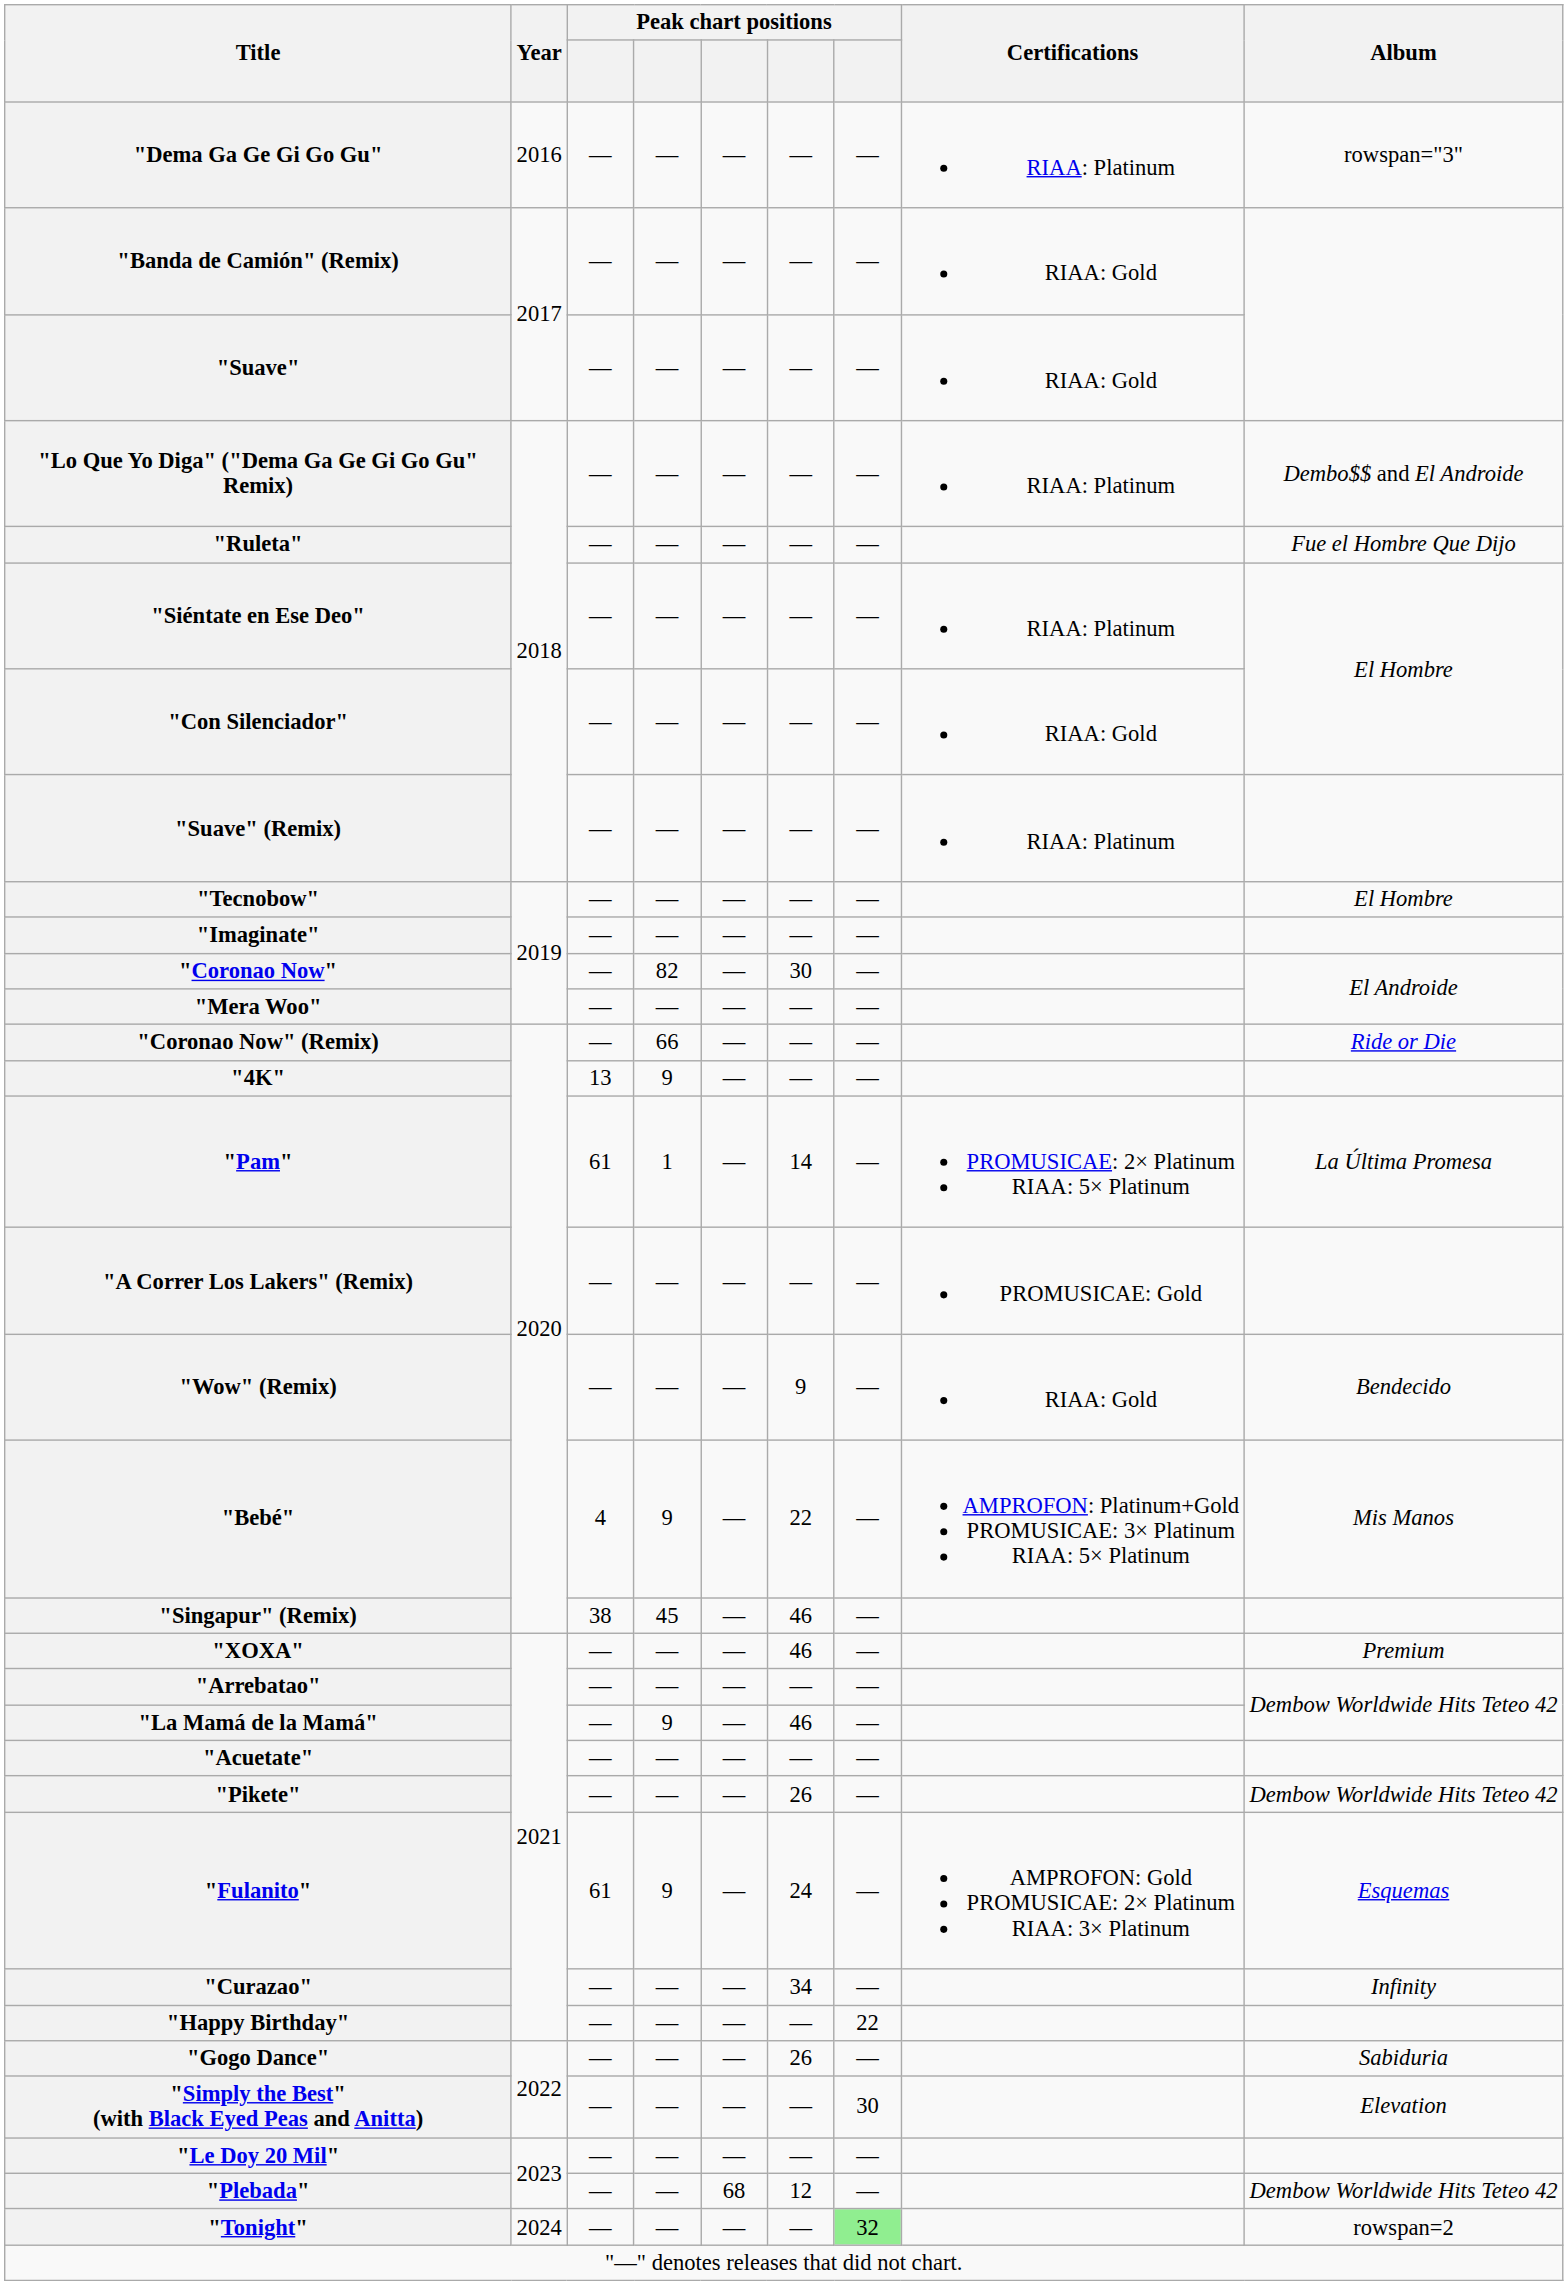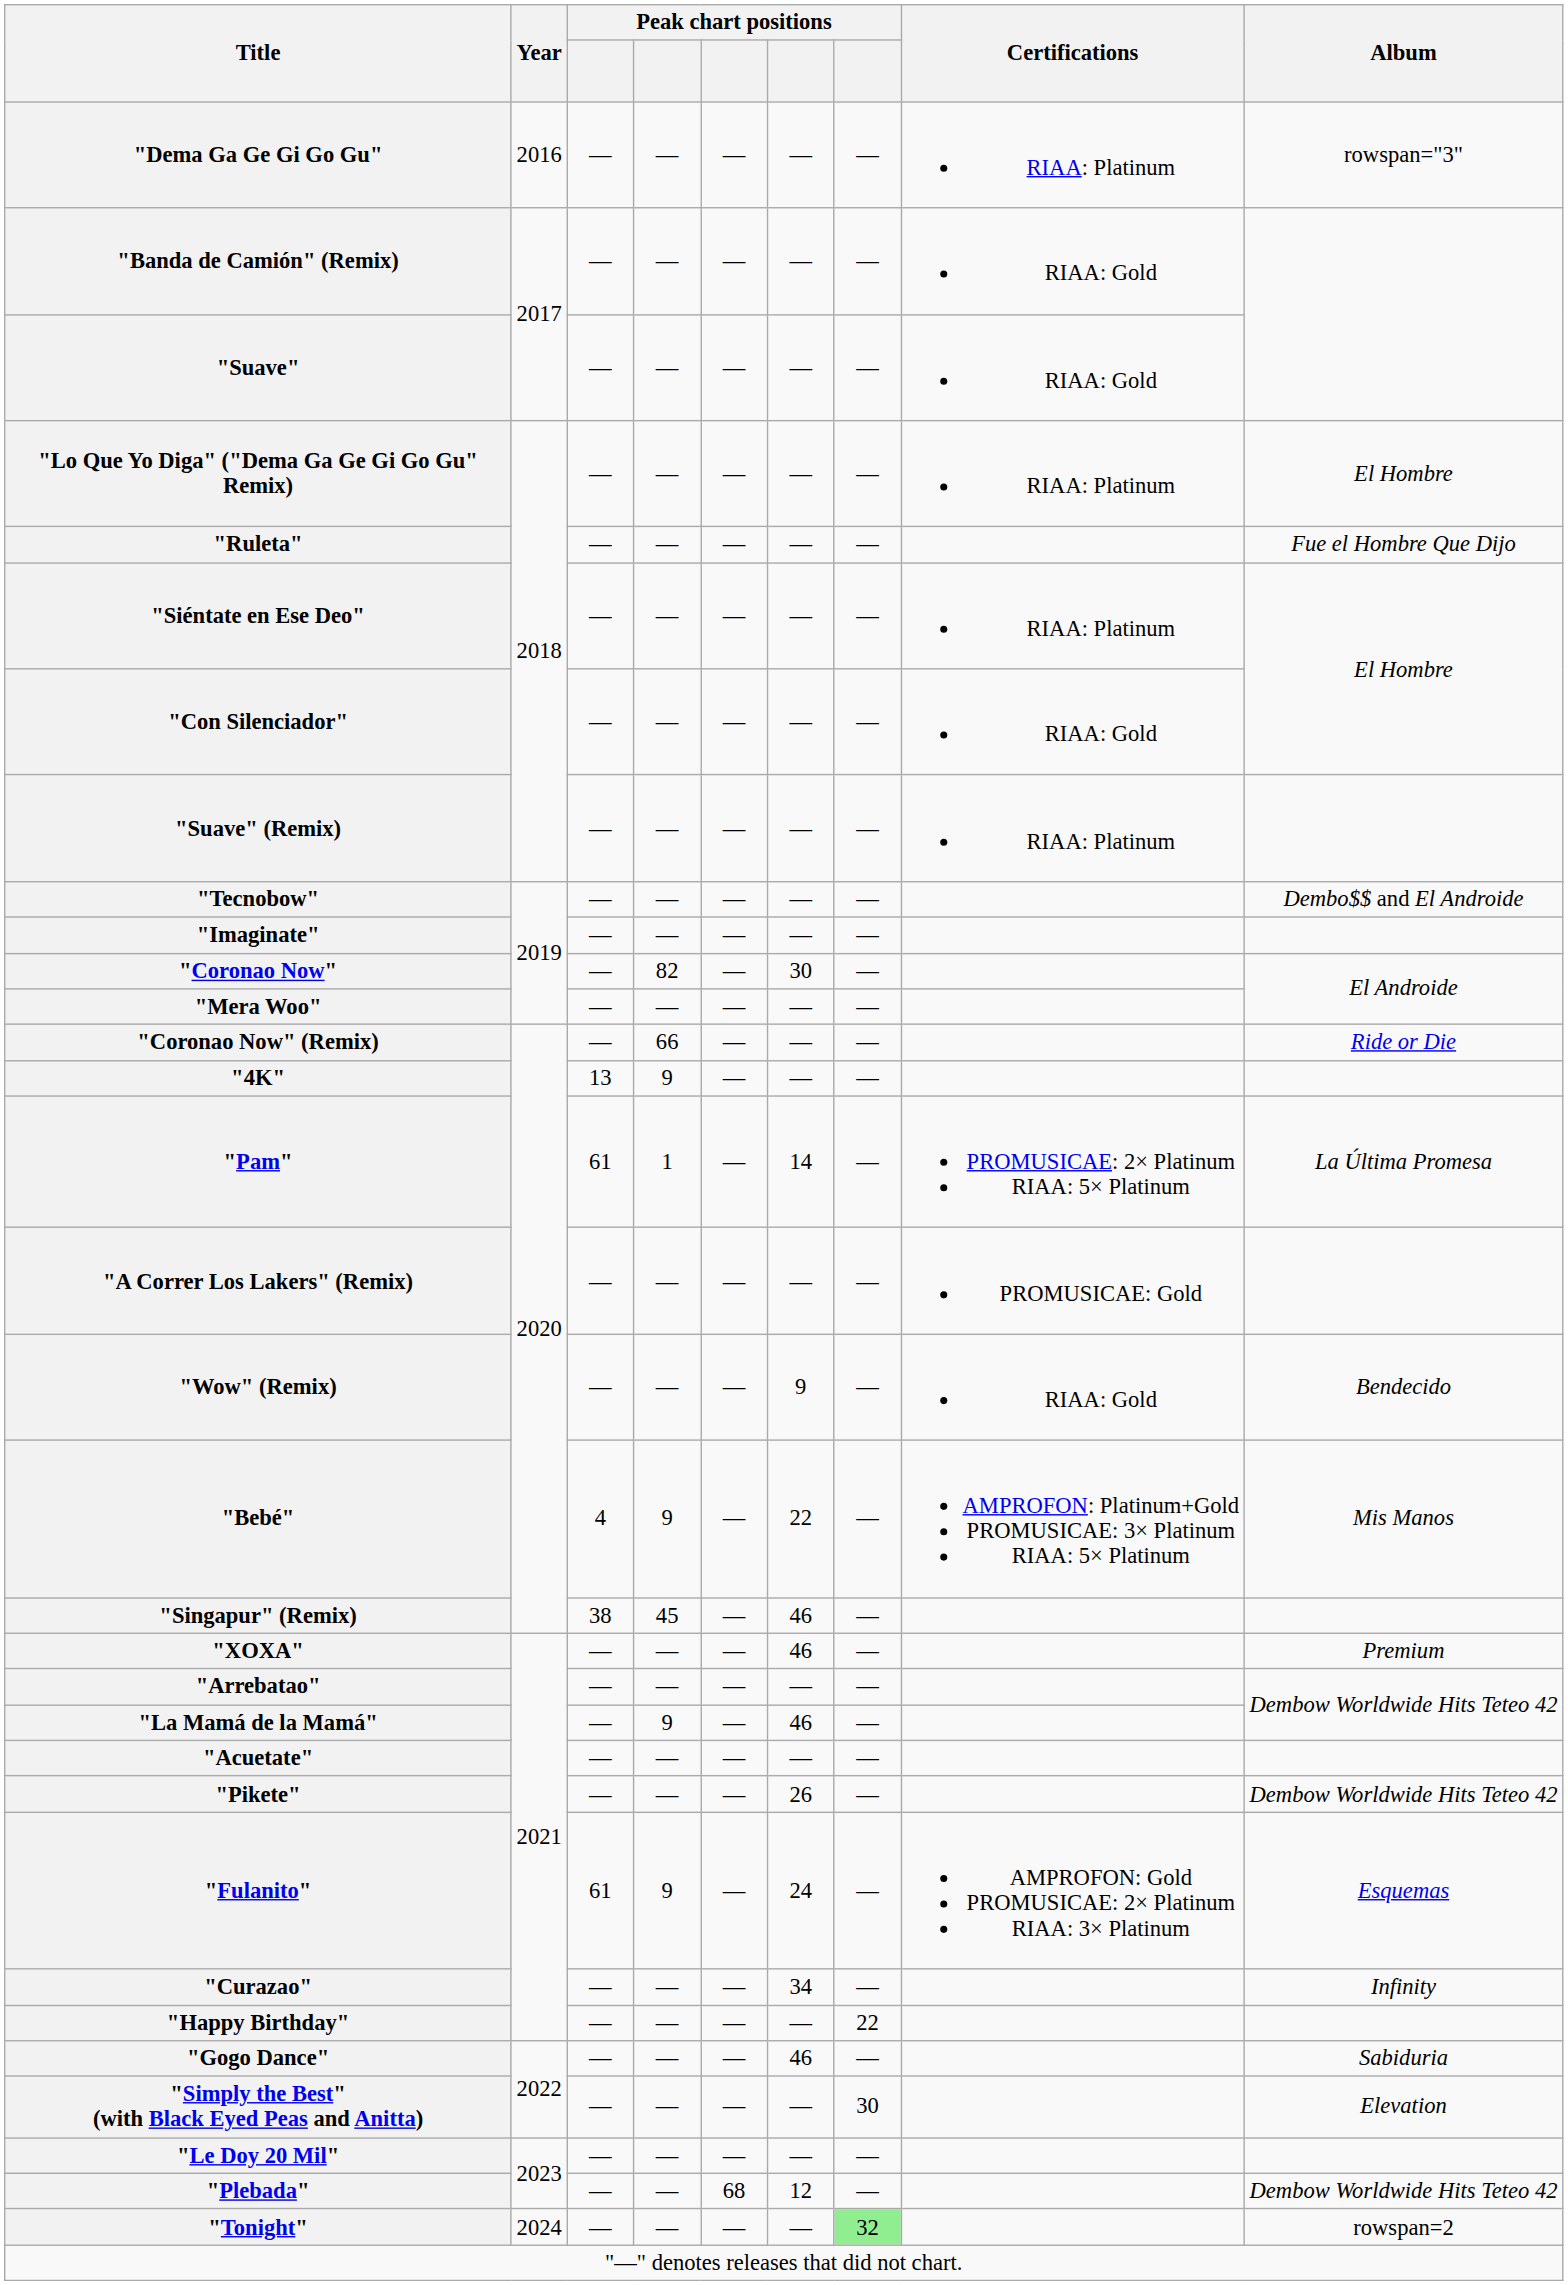 <table class="wikitable plainrowheaders" style="text-align:center;" border="1">
 <tr>
 <th rowspan="2" style="width:22em;">Title</th>
 <th rowspan="2">Year</th>
 <th colspan="5">Peak chart positions</th>
 <th rowspan="2">Certifications</th>
 <th rowspan="2">Album</th>
 </tr>
 <tr>
 <th width="40"><a href='#'></a><br></th>
 <th width="40"><a href='#'></a><br></th>
 <th width="40"><a href='#'></a><br></th>
 <th width="40"><a href='#'> <br> </a><br></th>
 <th width="40"><a href='#'></a><br></th>
 </tr>
 <tr>
 <th scope="row">"Dema Ga Ge Gi Go Gu"<br></th>
 <td>2016</td>
 <td>—</td>
 <td>—</td>
 <td>—</td>
 <td>—</td>
 <td>—</td>
 <td><br><ul><li><a href='#'>RIAA</a>: Platinum </li></ul></td>
 <td>rowspan="3" </td>
 </tr>
 <tr>
 <th scope="row">"Banda de Camión" (Remix)<br></th>
 <td rowspan="2">2017</td>
 <td>—</td>
 <td>—</td>
 <td>—</td>
 <td>—</td>
 <td>—</td>
 <td><br><ul><li>RIAA: Gold </li></ul></td>
 </tr>
 <tr>
 <th scope="row">"Suave"</th>
 <td>—</td>
 <td>—</td>
 <td>—</td>
 <td>—</td>
 <td>—</td>
 <td><br><ul><li>RIAA: Gold </li></ul></td>
 </tr>
 <tr>
 <th scope="row">"Lo Que Yo Diga" ("Dema Ga Ge Gi Go Gu" Remix)<br></th>
 <td rowspan="5">2018</td>
 <td>—</td>
 <td>—</td>
 <td>—</td>
 <td>—</td>
 <td>—</td>
 <td><br><ul><li>RIAA: Platinum </li></ul></td>
-<td><em>Dembo$$</em> and <em>El Androide</em></td>
+<td><em>El Hombre</em></td>
 </tr>
 <tr>
 <th scope="row">"Ruleta"<br></th>
 <td>—</td>
 <td>—</td>
 <td>—</td>
 <td>—</td>
 <td>—</td>
 <td></td>
 <td><em>Fue el Hombre Que Dijo</em></td>
 </tr>
 <tr>
 <th scope="row">"Siéntate en Ese Deo"</th>
 <td>—</td>
 <td>—</td>
 <td>—</td>
 <td>—</td>
 <td>—</td>
 <td><br><ul><li>RIAA: Platinum </li></ul></td>
 <td rowspan="2"><em>El Hombre</em></td>
 </tr>
 <tr>
 <th scope="row">"Con Silenciador"<br></th>
 <td>—</td>
 <td>—</td>
 <td>—</td>
 <td>—</td>
 <td>—</td>
 <td><br><ul><li>RIAA: Gold </li></ul></td>
 </tr>
 <tr>
 <th scope="row">"Suave" (Remix)<br></th>
 <td>—</td>
 <td>—</td>
 <td>—</td>
 <td>—</td>
 <td>—</td>
 <td><br><ul><li>RIAA: Platinum </li></ul></td>
 <td></td>
 </tr>
 <tr>
 <th scope="row">"Tecnobow"<br></th>
 <td rowspan="4">2019</td>
 <td>—</td>
 <td>—</td>
 <td>—</td>
 <td>—</td>
 <td>—</td>
 <td></td>
-<td><em>El Hombre</em></td>
+<td><em>Dembo$$</em> and <em>El Androide</em></td>
 </tr>
 <tr>
 <th scope="row">"Imaginate"<br></th>
 <td>—</td>
 <td>—</td>
 <td>—</td>
 <td>—</td>
 <td>—</td>
 <td></td>
 <td></td>
 </tr>
 <tr>
 <th scope="row">"<a href='#'>Coronao Now</a>"<br></th>
 <td>—</td>
 <td>82</td>
 <td>—</td>
 <td>30</td>
 <td>—</td>
 <td></td>
 <td rowspan="2"><em>El Androide</em></td>
 </tr>
 <tr>
 <th scope="row">"Mera Woo"<br></th>
 <td>—</td>
 <td>—</td>
 <td>—</td>
 <td>—</td>
 <td>—</td>
 <td></td>
 </tr>
 <tr>
 <th scope="row">"Coronao Now" (Remix)<br></th>
 <td rowspan="7">2020</td>
 <td>—</td>
 <td>66</td>
 <td>—</td>
 <td>—</td>
 <td>—</td>
 <td></td>
 <td><em><a href='#'> Ride or Die</a></em></td>
 </tr>
 <tr>
 <th scope="row">"4K"<br></th>
 <td>13</td>
 <td>9</td>
 <td>—</td>
 <td>—</td>
 <td>—</td>
 <td></td>
 </tr>
 <tr>
 <th scope="row">"<a href='#'>Pam</a>"<br></th>
 <td>61</td>
 <td>1</td>
 <td>—</td>
 <td>14</td>
 <td>—</td>
 <td><br><ul><li><a href='#'>PROMUSICAE</a>: 2× Platinum</li><li>RIAA: 5× Platinum </li></ul></td>
 <td><em>La Última Promesa</em></td>
 </tr>
 <tr>
 <th scope="row">"A Correr Los Lakers" (Remix)<br></th>
 <td>—</td>
 <td>—</td>
 <td>—</td>
 <td>—</td>
 <td>—</td>
 <td><br><ul><li>PROMUSICAE: Gold</li></ul></td>
 <td></td>
 </tr>
 <tr>
 <th scope="row">"Wow" (Remix)<br></th>
 <td>—</td>
 <td>—</td>
 <td>—</td>
 <td>9</td>
 <td>—</td>
 <td><br><ul><li>RIAA: Gold </li></ul></td>
 <td><em>Bendecido</em></td>
 </tr>
 <tr>
 <th scope="row">"Bebé"<br></th>
 <td>4</td>
 <td>9</td>
 <td>—</td>
 <td>22</td>
 <td>—</td>
 <td><br><ul><li><a href='#'>AMPROFON</a>: Platinum+Gold</li><li>PROMUSICAE: 3× Platinum</li><li>RIAA: 5× Platinum </li></ul></td>
 <td><em>Mis Manos</em></td>
 </tr>
 <tr>
 <th scope="row">"Singapur" (Remix)<br></th>
 <td>38</td>
 <td>45</td>
 <td>—</td>
 <td>46</td>
 <td>—</td>
 <td></td>
 <td></td>
 </tr>
 <tr>
 <th scope="row">"XOXA"<br></th>
 <td rowspan="8">2021</td>
 <td>—</td>
 <td>—</td>
 <td>—</td>
 <td>46</td>
 <td>—</td>
 <td></td>
 <td><em>Premium</em></td>
 </tr>
 <tr>
 <th scope="row">"Arrebatao"<br></th>
 <td>—</td>
 <td>—</td>
 <td>—</td>
 <td>—</td>
 <td>—</td>
 <td></td>
 <td rowspan="2"><em>Dembow Worldwide Hits Teteo 42</em></td>
 </tr>
 <tr>
 <th scope="row">"La Mamá de la Mamá"<br></th>
 <td>—</td>
 <td>9</td>
 <td>—</td>
 <td>46</td>
 <td>—</td>
 <td></td>
 </tr>
 <tr>
 <th scope="row">"Acuetate"<br></th>
 <td>—</td>
 <td>—</td>
 <td>—</td>
 <td>—</td>
 <td>—</td>
 <td></td>
 <td></td>
 </tr>
 <tr>
 <th scope="row">"Pikete"<br></th>
 <td>—</td>
 <td>—</td>
 <td>—</td>
 <td>26</td>
 <td>—</td>
 <td></td>
 <td><em>Dembow Worldwide Hits Teteo 42</em></td>
 </tr>
 <tr>
 <th scope="row">"<a href='#'>Fulanito</a>"<br></th>
 <td>61</td>
 <td>9</td>
 <td>—</td>
 <td>24</td>
 <td>—</td>
 <td><br><ul><li>AMPROFON: Gold</li><li>PROMUSICAE: 2× Platinum</li><li>RIAA: 3× Platinum </li></ul></td>
 <td><em><a href='#'>Esquemas</a></em></td>
 </tr>
 <tr>
 <th scope="row">"Curazao"<br></th>
 <td>—</td>
 <td>—</td>
 <td>—</td>
 <td>34</td>
 <td>—</td>
 <td></td>
 <td><em>Infinity</em></td>
 </tr>
 <tr>
 <th scope="row">"Happy Birthday"<br></th>
 <td>—</td>
 <td>—</td>
 <td>—</td>
 <td>—</td>
 <td>22</td>
 <td></td>
 <td></td>
 </tr>
 <tr>
 <th scope="row">"Gogo Dance"</th>
 <td rowspan="2">2022</td>
 <td>—</td>
 <td>—</td>
 <td>—</td>
-<td>26</td>
+<td>46</td>
 <td>—</td>
 <td></td>
 <td><em>Sabiduria</em></td>
 </tr>
 <tr>
 <th scope="row">"<a href='#'>Simply the Best</a>"<br><span>(with <a href='#'>Black Eyed Peas</a> and <a href='#'>Anitta</a>)</span></th>
 <td>—</td>
 <td>—</td>
 <td>—</td>
 <td>—</td>
 <td>30</td>
 <td></td>
 <td><em>Elevation</em></td>
 </tr>
 <tr>
 <th scope="row">"<a href='#'>Le Doy 20 Mil</a>"<br></th>
 <td rowspan="2">2023</td>
 <td>—</td>
 <td>—</td>
 <td>—</td>
 <td>—</td>
 <td>—</td>
 <td></td>
 <td></td>
 </tr>
 <tr>
 <th scope="row">"<a href='#'>Plebada</a>"<br></th>
 <td>—</td>
 <td>—</td>
 <td>68</td>
 <td>12</td>
 <td>—</td>
 <td></td>
 <td><em>Dembow Worldwide Hits Teteo 42</em></td>
 </tr>
 <tr>
 <th scope="row">"<a href='#'>Tonight</a>"<br></th>
 <td>2024</td>
 <td>—</td>
 <td>—</td>
 <td>—</td>
 <td>—</td>
 <td style="background: lightgreen;">32</td>
 <td></td>
 <td>rowspan=2 </td>
 </tr>
 <tr>
 <td colspan="10" align="center">"—" denotes releases that did not chart.</td>
 </tr>
 </table>
